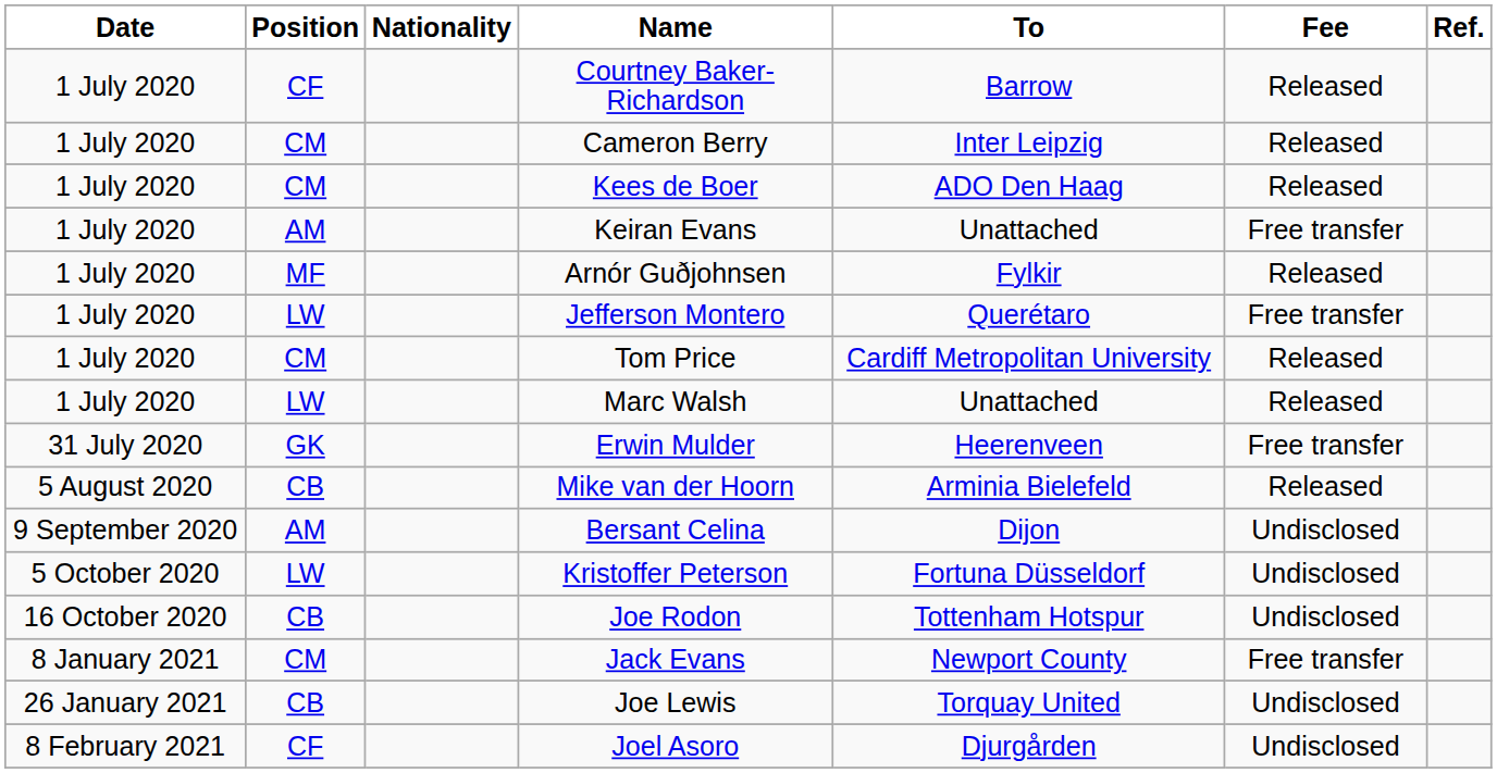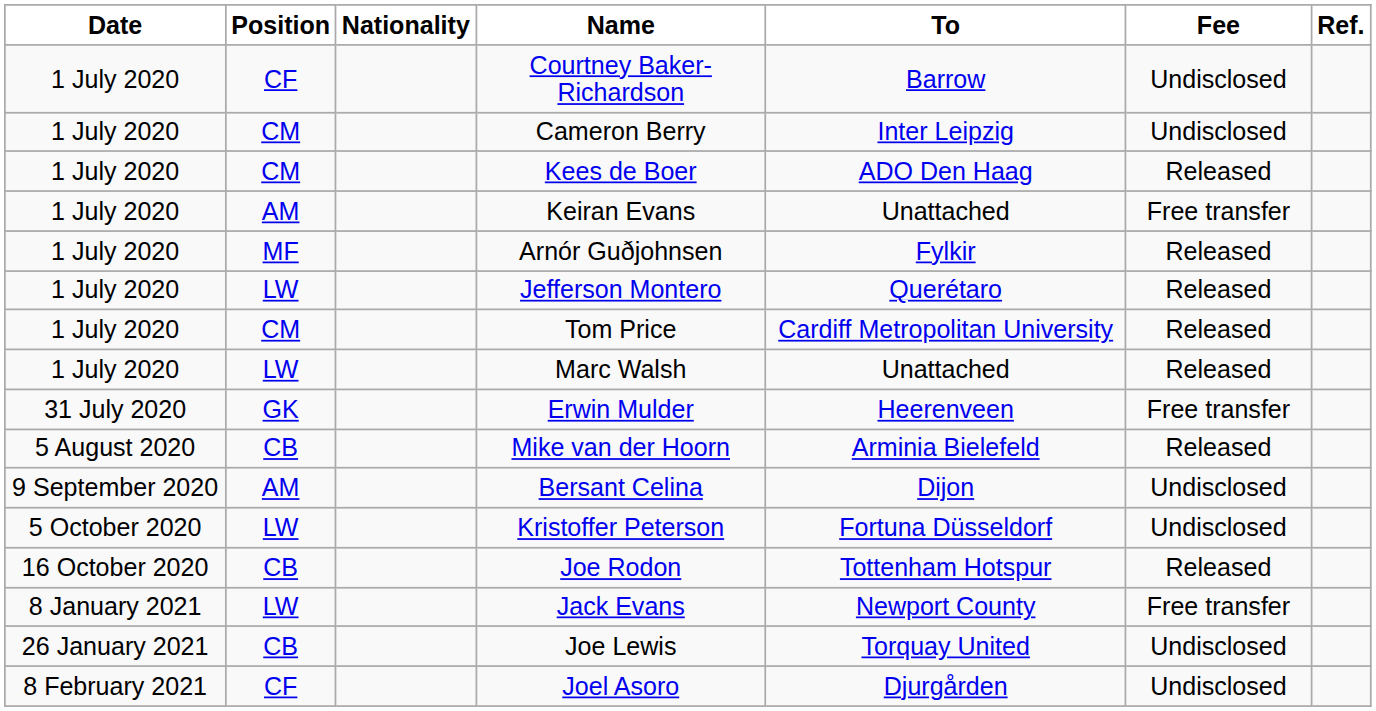 <table class="wikitable" style="text-align:center; font-size:90%; ">
 <tr>
 <th style="background:white; color:black; width:120px;">Date</th>
 <th style="background:white; color:black; width:50px;">Position</th>
 <th style="background:white; color:black; width:50px;">Nationality</th>
 <th style="background:white; color:black; width:160px;">Name</th>
 <th style="background:white; color:black; width:200px;">To</th>
 <th style="background:white; color:black; width:100px;">Fee</th>
 <th style="background:white; color:black;">Ref.</th>
 </tr>
 <tr>
 <td>1 July 2020</td>
 <td><a href='#'>CF</a></td>
 <td></td>
 <td><a href='#'>Courtney Baker-Richardson</a></td>
 <td><a href='#'>Barrow</a></td>
-<td>Released</td>
+<td>Undisclosed</td>
 <td></td>
 </tr>
 <tr>
 <td>1 July 2020</td>
 <td><a href='#'>CM</a></td>
 <td></td>
 <td>Cameron Berry</td>
 <td><a href='#'>Inter Leipzig</a></td>
-<td>Released</td>
+<td>Undisclosed</td>
 <td></td>
 </tr>
 <tr>
 <td>1 July 2020</td>
 <td><a href='#'>CM</a></td>
 <td></td>
 <td><a href='#'>Kees de Boer</a></td>
 <td><a href='#'>ADO Den Haag</a></td>
 <td>Released</td>
 <td></td>
 </tr>
 <tr>
 <td>1 July 2020</td>
 <td><a href='#'>AM</a></td>
 <td></td>
 <td>Keiran Evans</td>
 <td>Unattached</td>
 <td>Free transfer</td>
 <td></td>
 </tr>
 <tr>
 <td>1 July 2020</td>
 <td><a href='#'>MF</a></td>
 <td></td>
 <td>Arnór Guðjohnsen</td>
 <td><a href='#'>Fylkir</a></td>
 <td>Released</td>
 <td></td>
 </tr>
 <tr>
 <td>1 July 2020</td>
 <td><a href='#'>LW</a></td>
 <td></td>
 <td><a href='#'>Jefferson Montero</a></td>
 <td><a href='#'>Querétaro</a></td>
-<td>Free transfer</td>
+<td>Released</td>
 <td></td>
 </tr>
 <tr>
 <td>1 July 2020</td>
 <td><a href='#'>CM</a></td>
 <td></td>
 <td>Tom Price</td>
 <td><a href='#'>Cardiff Metropolitan University</a></td>
 <td>Released</td>
 <td></td>
 </tr>
 <tr>
 <td>1 July 2020</td>
 <td><a href='#'>LW</a></td>
 <td></td>
 <td>Marc Walsh</td>
 <td>Unattached</td>
 <td>Released</td>
 <td></td>
 </tr>
 <tr>
 <td>31 July 2020</td>
 <td><a href='#'>GK</a></td>
 <td></td>
 <td><a href='#'>Erwin Mulder</a></td>
 <td><a href='#'>Heerenveen</a></td>
 <td>Free transfer</td>
 <td></td>
 </tr>
 <tr>
 <td>5 August 2020</td>
 <td><a href='#'>CB</a></td>
 <td></td>
 <td><a href='#'>Mike van der Hoorn</a></td>
 <td><a href='#'>Arminia Bielefeld</a></td>
 <td>Released</td>
 <td></td>
 </tr>
 <tr>
 <td>9 September 2020</td>
 <td><a href='#'>AM</a></td>
 <td></td>
 <td><a href='#'>Bersant Celina</a></td>
 <td><a href='#'>Dijon</a></td>
 <td>Undisclosed</td>
 <td></td>
 </tr>
 <tr>
 <td>5 October 2020</td>
 <td><a href='#'>LW</a></td>
 <td></td>
 <td><a href='#'>Kristoffer Peterson</a></td>
 <td><a href='#'>Fortuna Düsseldorf</a></td>
 <td>Undisclosed</td>
 <td></td>
 </tr>
 <tr>
 <td>16 October 2020</td>
 <td><a href='#'>CB</a></td>
 <td></td>
 <td><a href='#'>Joe Rodon</a></td>
 <td><a href='#'>Tottenham Hotspur</a></td>
-<td>Undisclosed</td>
+<td>Released</td>
 <td></td>
 </tr>
 <tr>
 <td>8 January 2021</td>
-<td><a href='#'>CM</a></td>
+<td><a href='#'>LW</a></td>
 <td></td>
 <td><a href='#'>Jack Evans</a></td>
 <td><a href='#'>Newport County</a></td>
 <td>Free transfer</td>
 <td></td>
 </tr>
 <tr>
 <td>26 January 2021</td>
 <td><a href='#'>CB</a></td>
 <td></td>
 <td>Joe Lewis</td>
 <td><a href='#'>Torquay United</a></td>
 <td>Undisclosed</td>
 <td></td>
 </tr>
 <tr>
 <td>8 February 2021</td>
 <td><a href='#'>CF</a></td>
 <td></td>
 <td><a href='#'>Joel Asoro</a></td>
 <td><a href='#'>Djurgården</a></td>
 <td>Undisclosed</td>
 <td></td>
 </tr>
 </table>
